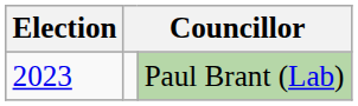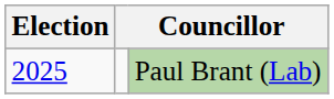 <table class="wikitable">
 <tr>
 <th>Election</th>
 <th colspan="2">Councillor</th>
 </tr>
 <tr>
-<td><a href='#'>2023</a></td>
+<td><a href='#'>2025</a></td>
 <td style="background-color: "></td>
 <td bgcolor="#B6D7A8">Paul Brant (<a href='#'>Lab</a>)</td>
 </tr>
 </table>
